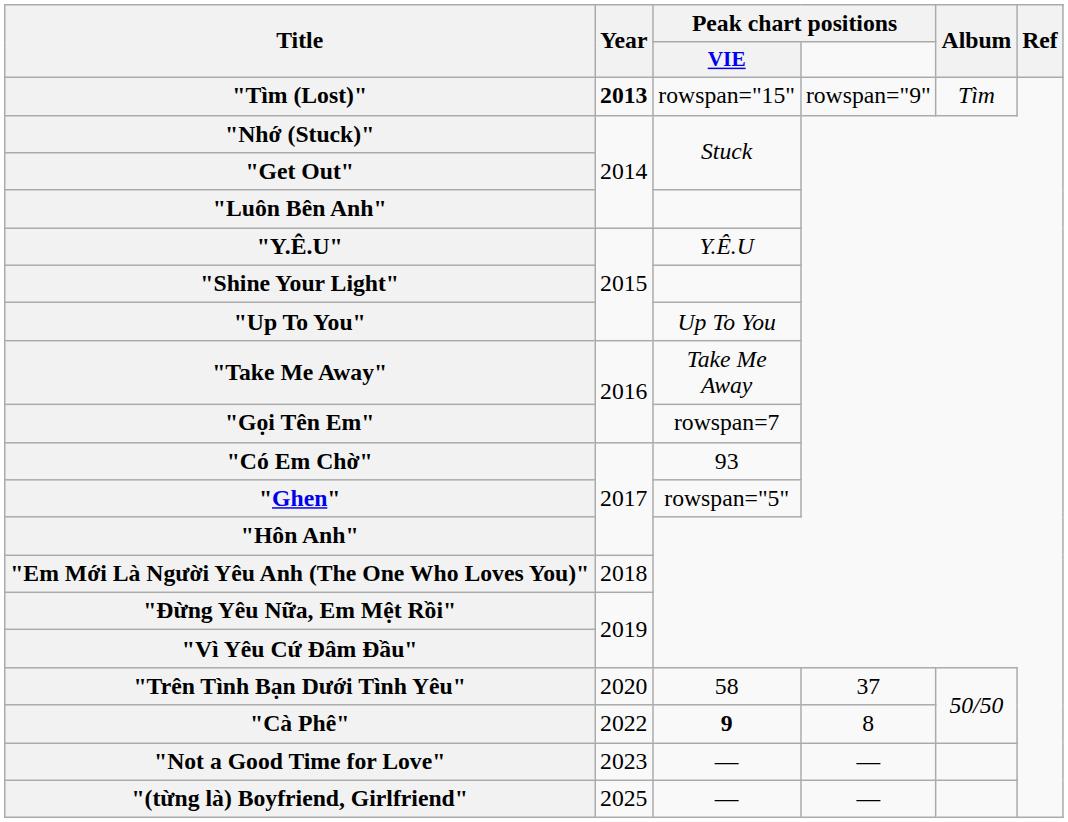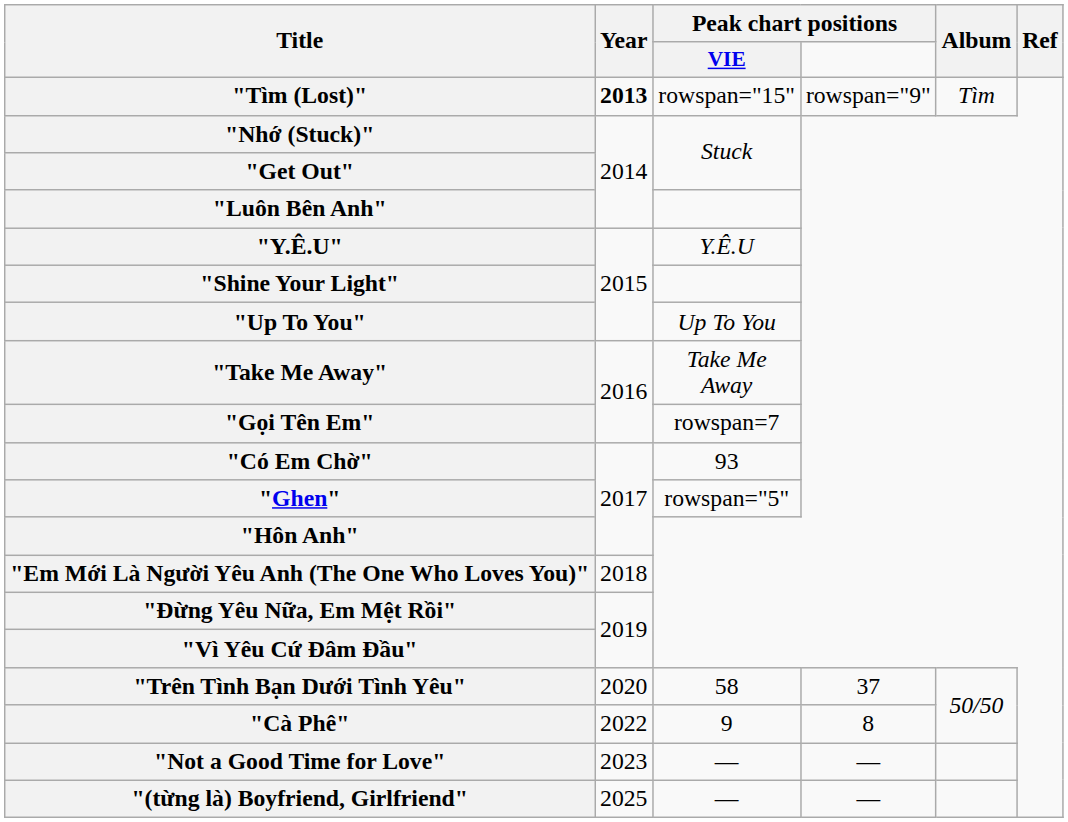 <table class="wikitable plainrowheaders" style="text-align:center">
 <tr>
 <th rowspan="2">Title</th>
 <th rowspan="2">Year</th>
 <th colspan="2”">Peak chart positions</th>
 <th rowspan="2">Album</th>
 <th scope="col" class="unsortable" rowspan="2">Ref</th>
 </tr>
 <tr>
 <th style="width:3em;font-size:90%;"><a href='#'>VIE</a><br></th>
 </tr>
 <tr>
 <th scope="row">"Tìm (Lost)"<br></th>
 <td><strong>2013</strong></td>
 <td>rowspan="15" </td>
 <td>rowspan="9" </td>
 <td><em>Tìm</em></td>
 </tr>
 <tr>
 <th scope="row">"Nhớ (Stuck)"</th>
 <td rowspan="3">2014</td>
 <td rowspan="2"><em>Stuck</em></td>
 </tr>
 <tr>
 <th scope="row">"Get Out"</th>
 </tr>
 <tr>
 <th scope="row">"Luôn Bên Anh"<br></th>
 <td></td>
 </tr>
 <tr>
 <th scope="row">"Y.Ê.U"</th>
 <td rowspan="3">2015</td>
 <td><em>Y.Ê.U</em></td>
 </tr>
 <tr>
 <th scope="row">"Shine Your Light"<br></th>
 <td></td>
 </tr>
 <tr>
 <th scope="row">"Up To You"</th>
 <td><em>Up To You</em></td>
 </tr>
 <tr>
 <th scope="row">"Take Me Away"</th>
 <td rowspan="2">2016</td>
 <td><em>Take Me Away</em></td>
 </tr>
 <tr>
 <th scope="row">"Gọi Tên Em"</th>
 <td>rowspan=7 </td>
 </tr>
 <tr>
 <th scope="row">"Có Em Chờ"<br></th>
 <td rowspan="3">2017</td>
 <td>93</td>
 </tr>
 <tr>
 <th scope="row">"<a href='#'>Ghen</a>"<br></th>
 <td>rowspan="5" </td>
 </tr>
 <tr>
 <th scope="row">"Hôn Anh"</th>
 </tr>
 <tr>
 <th scope="row">"Em Mới Là Người Yêu Anh (The One Who Loves You)"</th>
 <td>2018</td>
 </tr>
 <tr>
 <th scope="row">"Đừng Yêu Nữa, Em Mệt Rồi"</th>
 <td rowspan="2">2019</td>
 </tr>
 <tr>
 <th scope="row">"Vì Yêu Cứ Đâm Đầu"<br></th>
 </tr>
 <tr>
 <th scope="row">"Trên Tình Bạn Dưới Tình Yêu"</th>
 <td>2020</td>
 <td>58</td>
 <td>37</td>
 <td rowspan="2"><em>50/50</em></td>
 </tr>
 <tr>
 <th scope="row">"Cà Phê"</th>
 <td>2022</td>
-<td><strong>9</strong></td>
+<td>9</td>
 <td>8</td>
 </tr>
 <tr>
 <th scope="row">"Not a Good Time for Love"</th>
 <td>2023</td>
 <td>—</td>
 <td>—</td>
 <td></td>
 </tr>
 <tr>
 <th scope="row">"(từng là) Boyfriend, Girlfriend"</th>
 <td>2025</td>
 <td>—</td>
 <td>—</td>
 <td></td>
 </tr>
 </table>
